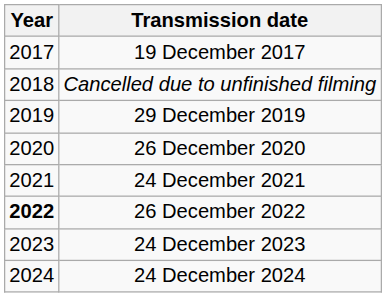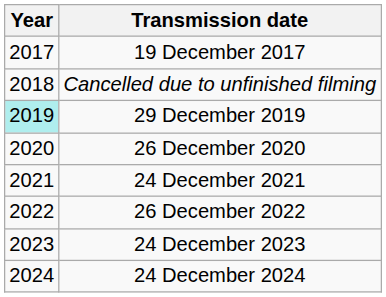 <table class="wikitable" style="text-align:center;">
 <tr>
 <th>Year</th>
 <th>Transmission date</th>
 </tr>
 <tr>
 <td>2017</td>
 <td>19 December 2017</td>
 </tr>
 <tr>
 <td>2018</td>
 <td><em>Cancelled due to unfinished filming</em></td>
 </tr>
 <tr>
-<td>2019</td>
+<td style="background: paleturquoise;">2019</td>
 <td>29 December 2019</td>
 </tr>
 <tr>
 <td>2020</td>
 <td>26 December 2020</td>
 </tr>
 <tr>
 <td>2021</td>
 <td>24 December 2021</td>
 </tr>
 <tr>
-<td><strong>2022</strong></td>
+<td>2022</td>
 <td>26 December 2022</td>
 </tr>
 <tr>
 <td>2023</td>
 <td>24 December 2023</td>
 </tr>
 <tr>
 <td>2024</td>
 <td>24 December 2024<br></td>
 </tr>
 </table>
